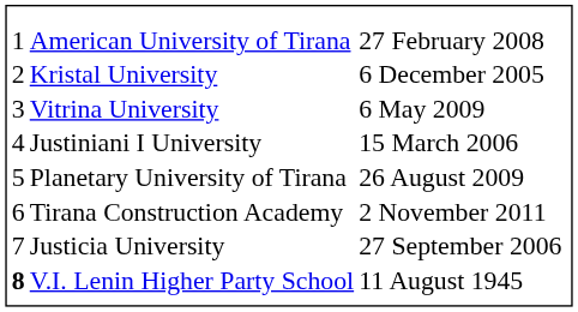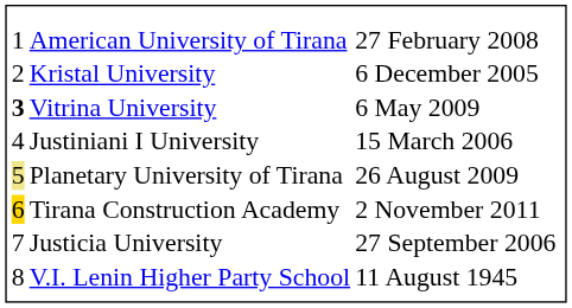 <table cellpadding="0" cellspacing="3" style="margin:1px; border:1px solid #000000;">
 <tr>
 <th colspan="3"></th>
 </tr>
 <tr>
 <td><strong></strong></td>
 <td><strong></strong></td>
 <td><strong></strong></td>
 <td><strong></strong></td>
 </tr>
 <tr>
 <th bgcolor="#000000" colspan="3"></th>
 </tr>
 <tr>
 <td align=center>1</td>
 <td><a href='#'>American University of Tirana</a></td>
 <td>27 February 2008</td>
 <td align="center"></td>
 </tr>
 <tr>
 <td align=center>2</td>
 <td><a href='#'>Kristal University</a></td>
 <td>6 December 2005</td>
 <td align="center"></td>
 </tr>
 <tr>
-<td align=center>3</td>
+<td align=center><strong>3</strong></td>
 <td><a href='#'>Vitrina University</a></td>
 <td>6 May 2009</td>
 <td align="center"></td>
 </tr>
 <tr>
 <td align=center>4</td>
 <td>Justiniani I University</td>
 <td>15 March 2006</td>
 <td align="center"></td>
 </tr>
 <tr>
-<td align=center>5</td>
+<td align=center style="background: khaki;">5</td>
 <td>Planetary University of Tirana</td>
 <td>26 August 2009</td>
 <td align="center"></td>
 </tr>
 <tr>
-<td align=center>6</td>
+<td align=center style="background: gold;">6</td>
 <td>Tirana Construction Academy</td>
 <td>2 November 2011</td>
 <td align="center"></td>
 </tr>
 <tr>
 <td align=center>7</td>
 <td>Justicia University</td>
 <td>27 September 2006</td>
 <td align="center"></td>
 </tr>
 <tr>
-<td align=center><strong>8</strong></td>
+<td align=center>8</td>
 <td><a href='#'>V.I. Lenin Higher Party School</a></td>
 <td>11 August 1945</td>
 <td align="center"></td>
 </tr>
 <tr>
 </tr>
 </table>
